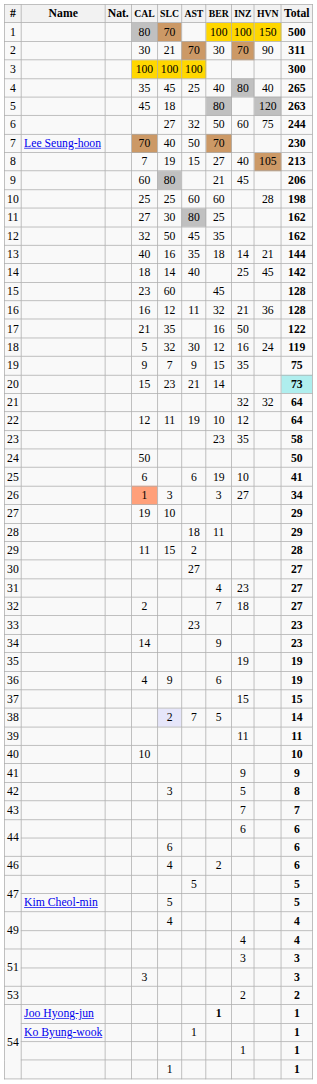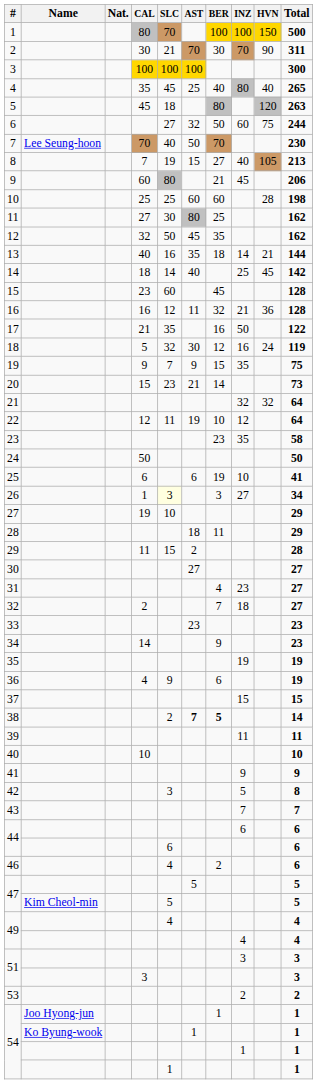 <table class="wikitable sortable" style="text-align:center;">
 <tr>
 <th>#</th>
 <th>Name</th>
 <th>Nat.</th>
 <th><small>CAL</small></th>
 <th><small>SLC</small></th>
 <th><small>AST</small></th>
 <th><small>BER</small></th>
 <th><small>INZ</small></th>
 <th><small>HVN</small></th>
 <th>Total</th>
 </tr>
 <tr>
 <td>1</td>
 <td align=left></td>
 <td></td>
 <td bgcolor=silver>80</td>
 <td bgcolor=cc9966>70</td>
 <td></td>
 <td bgcolor=gold>100</td>
 <td bgcolor=gold>100</td>
 <td bgcolor=gold>150</td>
 <td><strong>500</strong></td>
 </tr>
 <tr>
 <td>2</td>
 <td align=left></td>
 <td></td>
 <td>30</td>
 <td>21</td>
 <td bgcolor=cc9966>70</td>
 <td>30</td>
 <td bgcolor=cc9966>70</td>
 <td>90</td>
 <td><strong>311</strong></td>
 </tr>
 <tr>
 <td>3</td>
 <td align=left></td>
 <td></td>
 <td bgcolor=gold>100</td>
 <td bgcolor=gold>100</td>
 <td bgcolor=gold>100</td>
 <td></td>
 <td></td>
 <td></td>
 <td><strong>300</strong></td>
 </tr>
 <tr>
 <td>4</td>
 <td align=left></td>
 <td></td>
 <td>35</td>
 <td>45</td>
 <td>25</td>
 <td>40</td>
 <td bgcolor=silver>80</td>
 <td>40</td>
 <td><strong>265</strong></td>
 </tr>
 <tr>
 <td>5</td>
 <td align=left></td>
 <td></td>
 <td>45</td>
 <td>18</td>
 <td></td>
 <td bgcolor=silver>80</td>
 <td></td>
 <td bgcolor=silver>120</td>
 <td><strong>263</strong></td>
 </tr>
 <tr>
 <td>6</td>
 <td align=left></td>
 <td></td>
 <td></td>
 <td>27</td>
 <td>32</td>
 <td>50</td>
 <td>60</td>
 <td>75</td>
 <td><strong>244</strong></td>
 </tr>
 <tr>
 <td>7</td>
 <td align=left><a href='#'>Lee Seung-hoon</a></td>
 <td></td>
 <td bgcolor=cc9966>70</td>
 <td>40</td>
 <td>50</td>
 <td bgcolor=cc9966>70</td>
 <td></td>
 <td></td>
 <td><strong>230</strong></td>
 </tr>
 <tr>
 <td>8</td>
 <td align=left></td>
 <td></td>
 <td>7</td>
 <td>19</td>
 <td>15</td>
 <td>27</td>
 <td>40</td>
 <td bgcolor=cc9966>105</td>
 <td><strong>213</strong></td>
 </tr>
 <tr>
 <td>9</td>
 <td align=left></td>
 <td></td>
 <td>60</td>
 <td bgcolor=silver>80</td>
 <td></td>
 <td>21</td>
 <td>45</td>
 <td></td>
 <td><strong>206</strong></td>
 </tr>
 <tr>
 <td>10</td>
 <td align=left></td>
 <td></td>
 <td>25</td>
 <td>25</td>
 <td>60</td>
 <td>60</td>
 <td></td>
 <td>28</td>
 <td><strong>198</strong></td>
 </tr>
 <tr>
 <td>11</td>
 <td align=left></td>
 <td></td>
 <td>27</td>
 <td>30</td>
 <td bgcolor=silver>80</td>
 <td>25</td>
 <td></td>
 <td></td>
 <td><strong>162</strong></td>
 </tr>
 <tr>
 <td>12</td>
 <td align=left></td>
 <td></td>
 <td>32</td>
 <td>50</td>
 <td>45</td>
 <td>35</td>
 <td></td>
 <td></td>
 <td><strong>162</strong></td>
 </tr>
 <tr>
 <td>13</td>
 <td align=left></td>
 <td></td>
 <td>40</td>
 <td>16</td>
 <td>35</td>
 <td>18</td>
 <td>14</td>
 <td>21</td>
 <td><strong>144</strong></td>
 </tr>
 <tr>
 <td>14</td>
 <td align=left></td>
 <td></td>
 <td>18</td>
 <td>14</td>
 <td>40</td>
 <td></td>
 <td>25</td>
 <td>45</td>
 <td><strong>142</strong></td>
 </tr>
 <tr>
 <td>15</td>
 <td align=left></td>
 <td></td>
 <td>23</td>
 <td>60</td>
 <td></td>
 <td>45</td>
 <td></td>
 <td></td>
 <td><strong>128</strong></td>
 </tr>
 <tr>
 <td>16</td>
 <td align=left></td>
 <td></td>
 <td>16</td>
 <td>12</td>
 <td>11</td>
 <td>32</td>
 <td>21</td>
 <td>36</td>
 <td><strong>128</strong></td>
 </tr>
 <tr>
 <td>17</td>
 <td align=left></td>
 <td></td>
 <td>21</td>
 <td>35</td>
 <td></td>
 <td>16</td>
 <td>50</td>
 <td></td>
 <td><strong>122</strong></td>
 </tr>
 <tr>
 <td>18</td>
 <td align=left></td>
 <td></td>
 <td>5</td>
 <td>32</td>
 <td>30</td>
 <td>12</td>
 <td>16</td>
 <td>24</td>
 <td><strong>119</strong></td>
 </tr>
 <tr>
 <td>19</td>
 <td align=left></td>
 <td></td>
 <td>9</td>
 <td>7</td>
 <td>9</td>
 <td>15</td>
 <td>35</td>
 <td></td>
 <td><strong>75</strong></td>
 </tr>
 <tr>
 <td>20</td>
 <td align=left></td>
 <td></td>
 <td>15</td>
 <td>23</td>
 <td>21</td>
 <td>14</td>
 <td></td>
 <td></td>
-<td style="background: paleturquoise;"><strong>73</strong></td>
+<td><strong>73</strong></td>
 </tr>
 <tr>
 <td>21</td>
 <td align=left></td>
 <td></td>
 <td></td>
 <td></td>
 <td></td>
 <td></td>
 <td>32</td>
 <td>32</td>
 <td><strong>64</strong></td>
 </tr>
 <tr>
 <td>22</td>
 <td align=left></td>
 <td></td>
 <td>12</td>
 <td>11</td>
 <td>19</td>
 <td>10</td>
 <td>12</td>
 <td></td>
 <td><strong>64</strong></td>
 </tr>
 <tr>
 <td>23</td>
 <td align=left></td>
 <td></td>
 <td></td>
 <td></td>
 <td></td>
 <td>23</td>
 <td>35</td>
 <td></td>
 <td><strong>58</strong></td>
 </tr>
 <tr>
 <td>24</td>
 <td align=left></td>
 <td></td>
 <td>50</td>
 <td></td>
 <td></td>
 <td></td>
 <td></td>
 <td></td>
 <td><strong>50</strong></td>
 </tr>
 <tr>
 <td>25</td>
 <td align=left></td>
 <td></td>
 <td>6</td>
 <td></td>
 <td>6</td>
 <td>19</td>
 <td>10</td>
 <td></td>
 <td><strong>41</strong></td>
 </tr>
 <tr>
 <td>26</td>
 <td align=left></td>
 <td></td>
-<td style="background: lightsalmon;">1</td>
-<td>3</td>
+<td>1</td>
+<td style="background: lightyellow;">3</td>
 <td></td>
 <td>3</td>
 <td>27</td>
 <td></td>
 <td><strong>34</strong></td>
 </tr>
 <tr>
 <td>27</td>
 <td align=left></td>
 <td></td>
 <td>19</td>
 <td>10</td>
 <td></td>
 <td></td>
 <td></td>
 <td></td>
 <td><strong>29</strong></td>
 </tr>
 <tr>
 <td>28</td>
 <td align=left></td>
 <td></td>
 <td></td>
 <td></td>
 <td>18</td>
 <td>11</td>
 <td></td>
 <td></td>
 <td><strong>29</strong></td>
 </tr>
 <tr>
 <td>29</td>
 <td align=left></td>
 <td></td>
 <td>11</td>
 <td>15</td>
 <td>2</td>
 <td></td>
 <td></td>
 <td></td>
 <td><strong>28</strong></td>
 </tr>
 <tr>
 <td>30</td>
 <td align=left></td>
 <td></td>
 <td></td>
 <td></td>
 <td>27</td>
 <td></td>
 <td></td>
 <td></td>
 <td><strong>27</strong></td>
 </tr>
 <tr>
 <td>31</td>
 <td align=left></td>
 <td></td>
 <td></td>
 <td></td>
 <td></td>
 <td>4</td>
 <td>23</td>
 <td></td>
 <td><strong>27</strong></td>
 </tr>
 <tr>
 <td>32</td>
 <td align=left></td>
 <td></td>
 <td>2</td>
 <td></td>
 <td></td>
 <td>7</td>
 <td>18</td>
 <td></td>
 <td><strong>27</strong></td>
 </tr>
 <tr>
 <td>33</td>
 <td align=left></td>
 <td></td>
 <td></td>
 <td></td>
 <td>23</td>
 <td></td>
 <td></td>
 <td></td>
 <td><strong>23</strong></td>
 </tr>
 <tr>
 <td>34</td>
 <td align=left></td>
 <td></td>
 <td>14</td>
 <td></td>
 <td></td>
 <td>9</td>
 <td></td>
 <td></td>
 <td><strong>23</strong></td>
 </tr>
 <tr>
 <td>35</td>
 <td align=left></td>
 <td></td>
 <td></td>
 <td></td>
 <td></td>
 <td></td>
 <td>19</td>
 <td></td>
 <td><strong>19</strong></td>
 </tr>
 <tr>
 <td>36</td>
 <td align=left></td>
 <td></td>
 <td>4</td>
 <td>9</td>
 <td></td>
 <td>6</td>
 <td></td>
 <td></td>
 <td><strong>19</strong></td>
 </tr>
 <tr>
 <td>37</td>
 <td align=left></td>
 <td></td>
 <td></td>
 <td></td>
 <td></td>
 <td></td>
 <td>15</td>
 <td></td>
 <td><strong>15</strong></td>
 </tr>
 <tr>
 <td>38</td>
 <td align=left></td>
 <td></td>
 <td></td>
-<td style="background: lavender;">2</td>
-<td>7</td>
-<td>5</td>
+<td>2</td>
+<td><strong>7</strong></td>
+<td><strong>5</strong></td>
 <td></td>
 <td></td>
 <td><strong>14</strong></td>
 </tr>
 <tr>
 <td>39</td>
 <td align=left></td>
 <td></td>
 <td></td>
 <td></td>
 <td></td>
 <td></td>
 <td>11</td>
 <td></td>
 <td><strong>11</strong></td>
 </tr>
 <tr>
 <td>40</td>
 <td align=left></td>
 <td></td>
 <td>10</td>
 <td></td>
 <td></td>
 <td></td>
 <td></td>
 <td></td>
 <td><strong>10</strong></td>
 </tr>
 <tr>
 <td>41</td>
 <td align=left></td>
 <td></td>
 <td></td>
 <td></td>
 <td></td>
 <td></td>
 <td>9</td>
 <td></td>
 <td><strong>9</strong></td>
 </tr>
 <tr>
 <td>42</td>
 <td align=left></td>
 <td></td>
 <td></td>
 <td>3</td>
 <td></td>
 <td></td>
 <td>5</td>
 <td></td>
 <td><strong>8</strong></td>
 </tr>
 <tr>
 <td>43</td>
 <td align=left></td>
 <td></td>
 <td></td>
 <td></td>
 <td></td>
 <td></td>
 <td>7</td>
 <td></td>
 <td><strong>7</strong></td>
 </tr>
 <tr>
 <td rowspan=2>44</td>
 <td align=left></td>
 <td></td>
 <td></td>
 <td></td>
 <td></td>
 <td></td>
 <td>6</td>
 <td></td>
 <td><strong>6</strong></td>
 </tr>
 <tr>
 <td align=left></td>
 <td></td>
 <td></td>
 <td>6</td>
 <td></td>
 <td></td>
 <td></td>
 <td></td>
 <td><strong>6</strong></td>
 </tr>
 <tr>
 <td>46</td>
 <td align=left></td>
 <td></td>
 <td></td>
 <td>4</td>
 <td></td>
 <td>2</td>
 <td></td>
 <td></td>
 <td><strong>6</strong></td>
 </tr>
 <tr>
 <td rowspan=2>47</td>
 <td align=left></td>
 <td></td>
 <td></td>
 <td></td>
 <td>5</td>
 <td></td>
 <td></td>
 <td></td>
 <td><strong>5</strong></td>
 </tr>
 <tr>
 <td align=left><a href='#'>Kim Cheol-min</a></td>
 <td></td>
 <td></td>
 <td>5</td>
 <td></td>
 <td></td>
 <td></td>
 <td></td>
 <td><strong>5</strong></td>
 </tr>
 <tr>
 <td rowspan=2>49</td>
 <td align=left></td>
 <td></td>
 <td></td>
 <td>4</td>
 <td></td>
 <td></td>
 <td></td>
 <td></td>
 <td><strong>4</strong></td>
 </tr>
 <tr>
 <td align=left></td>
 <td></td>
 <td></td>
 <td></td>
 <td></td>
 <td></td>
 <td>4</td>
 <td></td>
 <td><strong>4</strong></td>
 </tr>
 <tr>
 <td rowspan=2>51</td>
 <td align=left></td>
 <td></td>
 <td></td>
 <td></td>
 <td></td>
 <td></td>
 <td>3</td>
 <td></td>
 <td><strong>3</strong></td>
 </tr>
 <tr>
 <td align=left></td>
 <td></td>
 <td>3</td>
 <td></td>
 <td></td>
 <td></td>
 <td></td>
 <td></td>
 <td><strong>3</strong></td>
 </tr>
 <tr>
 <td>53</td>
 <td align=left></td>
 <td></td>
 <td></td>
 <td></td>
 <td></td>
 <td></td>
 <td>2</td>
 <td></td>
 <td><strong>2</strong></td>
 </tr>
 <tr>
 <td rowspan=4>54</td>
 <td align=left><a href='#'>Joo Hyong-jun</a></td>
 <td></td>
 <td></td>
 <td></td>
 <td></td>
-<td><strong>1</strong></td>
+<td>1</td>
 <td></td>
 <td></td>
 <td><strong>1</strong></td>
 </tr>
 <tr>
 <td align=left><a href='#'>Ko Byung-wook</a></td>
 <td></td>
 <td></td>
 <td></td>
 <td>1</td>
 <td></td>
 <td></td>
 <td></td>
 <td><strong>1</strong></td>
 </tr>
 <tr>
 <td align=left></td>
 <td></td>
 <td></td>
 <td></td>
 <td></td>
 <td></td>
 <td>1</td>
 <td></td>
 <td><strong>1</strong></td>
 </tr>
 <tr>
 <td align=left></td>
 <td></td>
 <td></td>
 <td>1</td>
 <td></td>
 <td></td>
 <td></td>
 <td></td>
 <td><strong>1</strong></td>
 </tr>
 </table>
